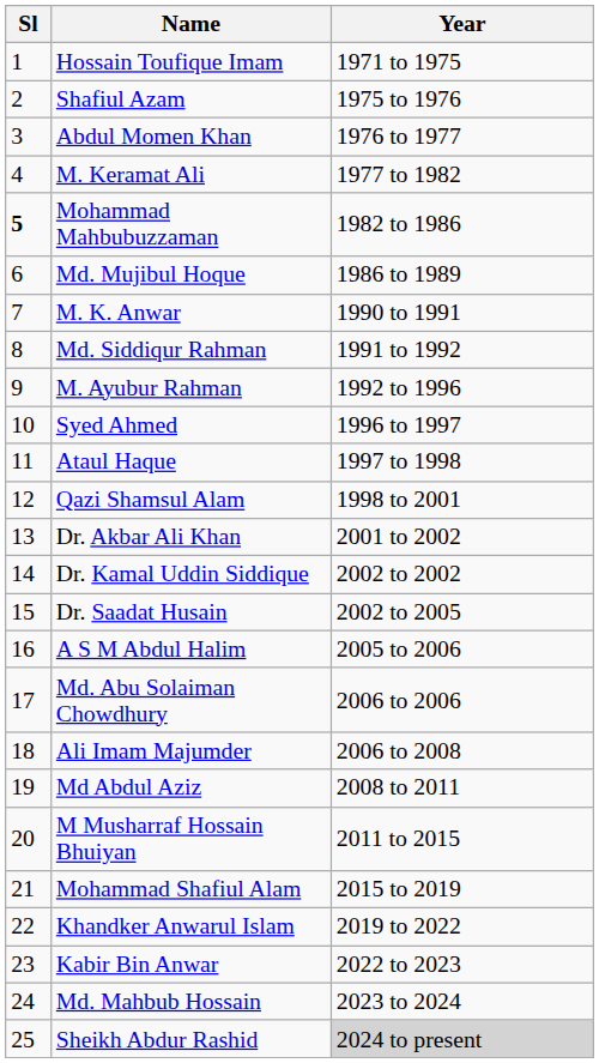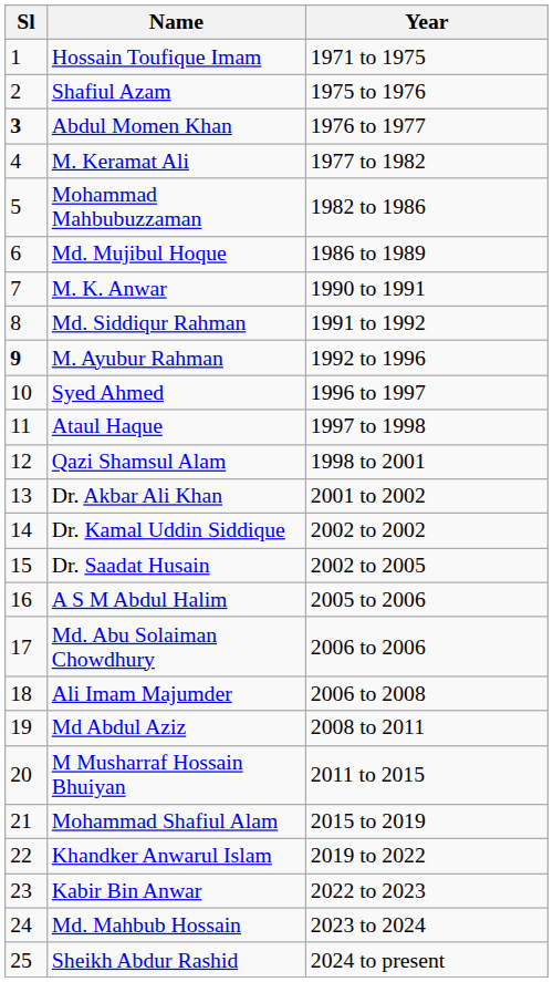 <table class="wikitable" style="width: 400px">
 <tr>
 <th width="25px">Sl</th>
 <th width="200px">Name</th>
 <th width="200px">Year</th>
 </tr>
 <tr>
 <td>1</td>
 <td><a href='#'>Hossain Toufique Imam</a></td>
 <td>1971 to 1975</td>
 </tr>
 <tr>
 <td>2</td>
 <td><a href='#'>Shafiul Azam</a></td>
 <td>1975 to 1976</td>
 </tr>
 <tr>
-<td>3</td>
+<td><strong>3</strong></td>
 <td><a href='#'>Abdul Momen Khan</a></td>
 <td>1976 to 1977</td>
 </tr>
 <tr>
 <td>4</td>
 <td><a href='#'>M. Keramat Ali</a></td>
 <td>1977 to 1982</td>
 </tr>
 <tr>
-<td><strong>5</strong></td>
+<td>5</td>
 <td><a href='#'>Mohammad Mahbubuzzaman</a></td>
 <td>1982 to 1986</td>
 </tr>
 <tr>
 <td>6</td>
 <td><a href='#'>Md. Mujibul Hoque</a></td>
 <td>1986 to 1989</td>
 </tr>
 <tr>
 <td>7</td>
 <td><a href='#'>M. K. Anwar</a></td>
 <td>1990 to 1991</td>
 </tr>
 <tr>
 <td>8</td>
 <td><a href='#'>Md. Siddiqur Rahman</a></td>
 <td>1991 to 1992</td>
 </tr>
 <tr>
-<td>9</td>
+<td><strong>9</strong></td>
 <td><a href='#'>M. Ayubur Rahman</a></td>
 <td>1992 to 1996</td>
 </tr>
 <tr>
 <td>10</td>
 <td><a href='#'>Syed Ahmed</a></td>
 <td>1996 to 1997</td>
 </tr>
 <tr>
 <td>11</td>
 <td><a href='#'>Ataul Haque</a></td>
 <td>1997 to 1998</td>
 </tr>
 <tr>
 <td>12</td>
 <td><a href='#'>Qazi Shamsul Alam</a></td>
 <td>1998 to 2001</td>
 </tr>
 <tr>
 <td>13</td>
 <td>Dr. <a href='#'>Akbar Ali Khan</a></td>
 <td>2001 to 2002</td>
 </tr>
 <tr>
 <td>14</td>
 <td>Dr. <a href='#'>Kamal Uddin Siddique</a></td>
 <td>2002 to 2002</td>
 </tr>
 <tr>
 <td>15</td>
 <td>Dr. <a href='#'>Saadat Husain</a></td>
 <td>2002 to 2005</td>
 </tr>
 <tr>
 <td>16</td>
 <td><a href='#'>A S M Abdul Halim</a></td>
 <td>2005 to 2006</td>
 </tr>
 <tr>
 <td>17</td>
 <td><a href='#'>Md. Abu Solaiman Chowdhury</a></td>
 <td>2006 to 2006</td>
 </tr>
 <tr>
 <td>18</td>
 <td><a href='#'>Ali Imam Majumder</a></td>
 <td>2006 to 2008</td>
 </tr>
 <tr>
 <td>19</td>
 <td><a href='#'>Md Abdul Aziz</a></td>
 <td>2008 to 2011</td>
 </tr>
 <tr>
 <td>20</td>
 <td><a href='#'>M Musharraf Hossain Bhuiyan</a></td>
 <td>2011 to 2015</td>
 </tr>
 <tr>
 <td>21</td>
 <td><a href='#'>Mohammad Shafiul Alam</a></td>
 <td>2015 to 2019</td>
 </tr>
 <tr>
 <td>22</td>
 <td><a href='#'>Khandker Anwarul Islam</a></td>
 <td>2019 to 2022</td>
 </tr>
 <tr>
 <td>23</td>
 <td><a href='#'>Kabir Bin Anwar</a></td>
 <td>2022 to 2023</td>
 </tr>
 <tr>
 <td>24</td>
 <td><a href='#'>Md. Mahbub Hossain</a></td>
 <td>2023 to 2024</td>
 </tr>
 <tr>
 <td>25</td>
 <td><a href='#'>Sheikh Abdur Rashid</a></td>
-<td style="background: lightgrey;">2024 to present</td>
+<td>2024 to present</td>
 </tr>
 <tr>
 </tr>
 </table>
